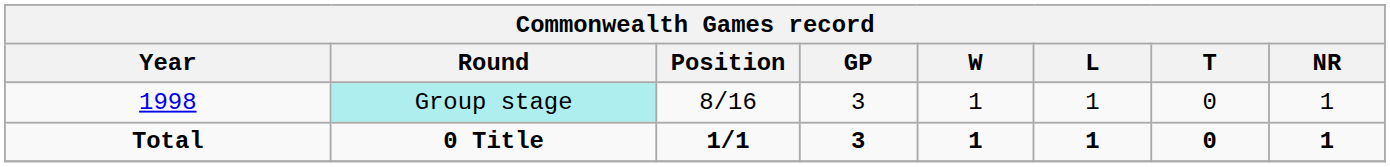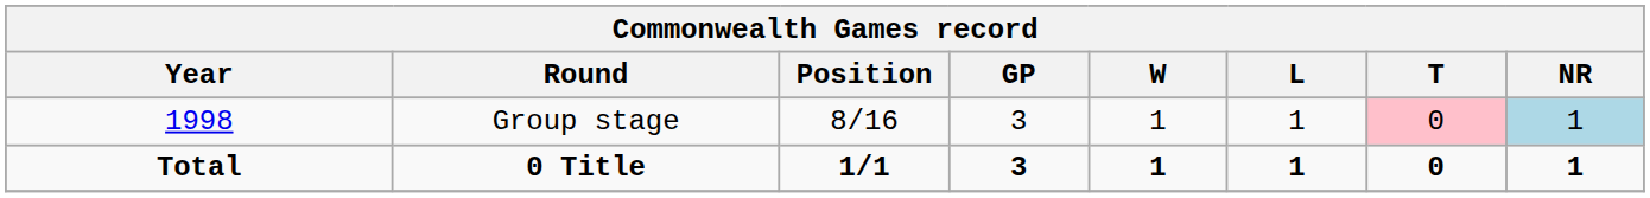 <table class="wikitable" style="text-align: center; width:85%">
 <tr>
 <th colspan="10">Commonwealth Games record</th>
 </tr>
 <tr>
 <th width="150">Year</th>
 <th width="150">Round</th>
 <th width="50">Position</th>
 <th width="50">GP</th>
 <th width="50">W</th>
 <th width="50">L</th>
 <th width="50">T</th>
 <th width="50">NR</th>
 </tr>
 <tr>
 <td> <a href='#'>1998</a></td>
-<td style="background: paleturquoise;">Group stage</td>
+<td>Group stage</td>
 <td>8/16</td>
 <td>3</td>
 <td>1</td>
 <td>1</td>
-<td>0</td>
-<td>1</td>
+<td style="background: pink;">0</td>
+<td style="background: lightblue;">1</td>
 </tr>
 <tr>
 <td><strong>Total</strong></td>
 <td><strong>0 Title</strong></td>
 <td><strong>1/1</strong></td>
 <td><strong>3</strong></td>
 <td><strong>1</strong></td>
 <td><strong>1</strong></td>
 <td><strong>0</strong></td>
 <td><strong>1</strong></td>
 </tr>
 <tr>
 </tr>
 </table>
